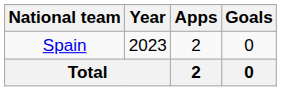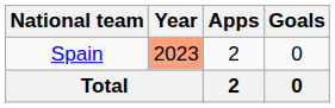 <table class="wikitable" style="text-align:center">
 <tr>
 <th>National team</th>
 <th>Year</th>
 <th>Apps</th>
 <th>Goals</th>
 </tr>
 <tr>
 <td rowspan="1"><a href='#'>Spain</a></td>
-<td>2023</td>
+<td style="background: lightsalmon;">2023</td>
 <td>2</td>
 <td>0</td>
 </tr>
 <tr>
 <th colspan="2">Total</th>
 <th>2</th>
 <th>0</th>
 </tr>
 </table>
